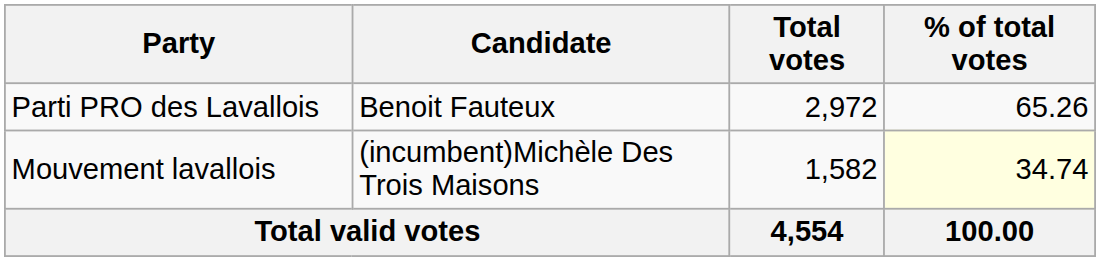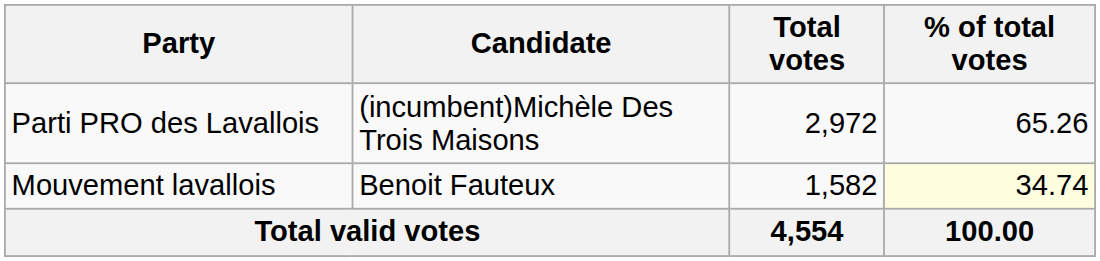 <table style="width:600px;" class="wikitable">
 <tr style="background-color:#E9E9E9">
 <th colspan="2" style="width: 200px">Party</th>
 <th colspan="1" style="width: 200px">Candidate</th>
 <th align="right">Total votes</th>
 <th align="right">% of total votes</th>
 </tr>
 <tr>
 <td colspan="2" align="left">Parti PRO des Lavallois</td>
-<td align="left">Benoit Fauteux</td>
+<td align="left">(incumbent)Michèle Des Trois Maisons</td>
 <td align="right">2,972</td>
 <td align="right">65.26</td>
 </tr>
 <tr>
 <td colspan="2" align="left">Mouvement lavallois</td>
-<td align="left">(incumbent)Michèle Des Trois Maisons</td>
+<td align="left">Benoit Fauteux</td>
 <td align="right">1,582</td>
 <td align="right" style="background: lightyellow;">34.74</td>
 </tr>
 <tr bgcolor="#EEEEEE">
 <th colspan="3"  align="left">Total valid votes</th>
 <th align="right">4,554</th>
 <th align="right">100.00</th>
 </tr>
 </table>
